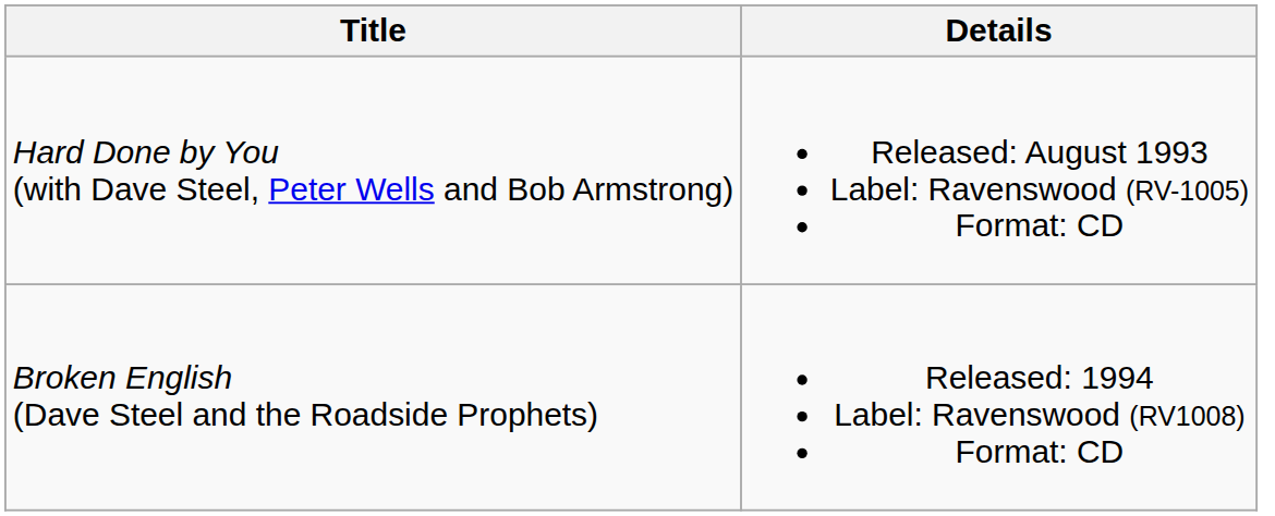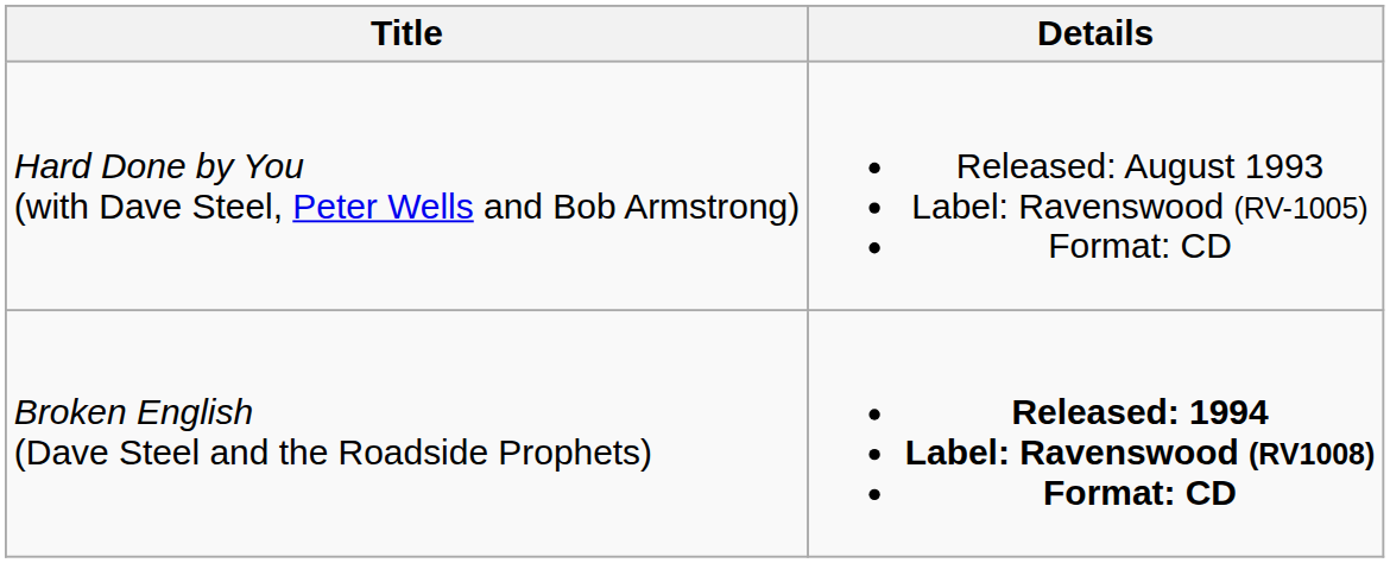 <table class="wikitable" style="text-align:center;">
 <tr>
 <th>Title</th>
 <th>Details</th>
 </tr>
 <tr>
 <td align="left"><em>Hard Done by You</em> <br> (with Dave Steel, <a href='#'>Peter Wells</a> and Bob Armstrong)</td>
 <td><br><ul><li>Released: August 1993</li><li>Label: Ravenswood <small>(RV-1005)</small></li><li>Format: CD</li></ul></td>
 </tr>
 <tr>
 <td align="left"><em>Broken English</em> <br> (Dave Steel and the Roadside Prophets)</td>
-<td><br><ul><li>Released: 1994</li><li>Label: Ravenswood <small>(RV1008)</small></li><li>Format: CD</li></ul></td>
+<td><strong><br><ul><li>Released: 1994</li><li>Label: Ravenswood <small>(RV1008)</small></li><li>Format: CD</li></ul></strong></td>
 </tr>
 </table>
